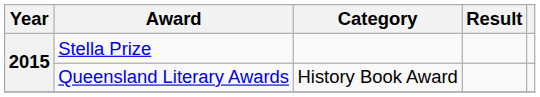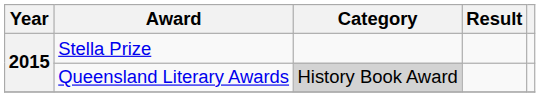 <table class="wikitable sortable">
 <tr>
 <th>Year</th>
 <th>Award</th>
 <th>Category</th>
 <th>Result</th>
 <th></th>
 </tr>
 <tr>
 <th rowspan="2">2015</th>
 <td><a href='#'>Stella Prize</a></td>
 <td></td>
 <td></td>
 <td></td>
 </tr>
 <tr>
 <td><a href='#'>Queensland Literary Awards</a></td>
-<td>History Book Award</td>
+<td style="background: lightgrey;">History Book Award</td>
 <td></td>
 <td></td>
 </tr>
 <tr>
 </tr>
 </table>
